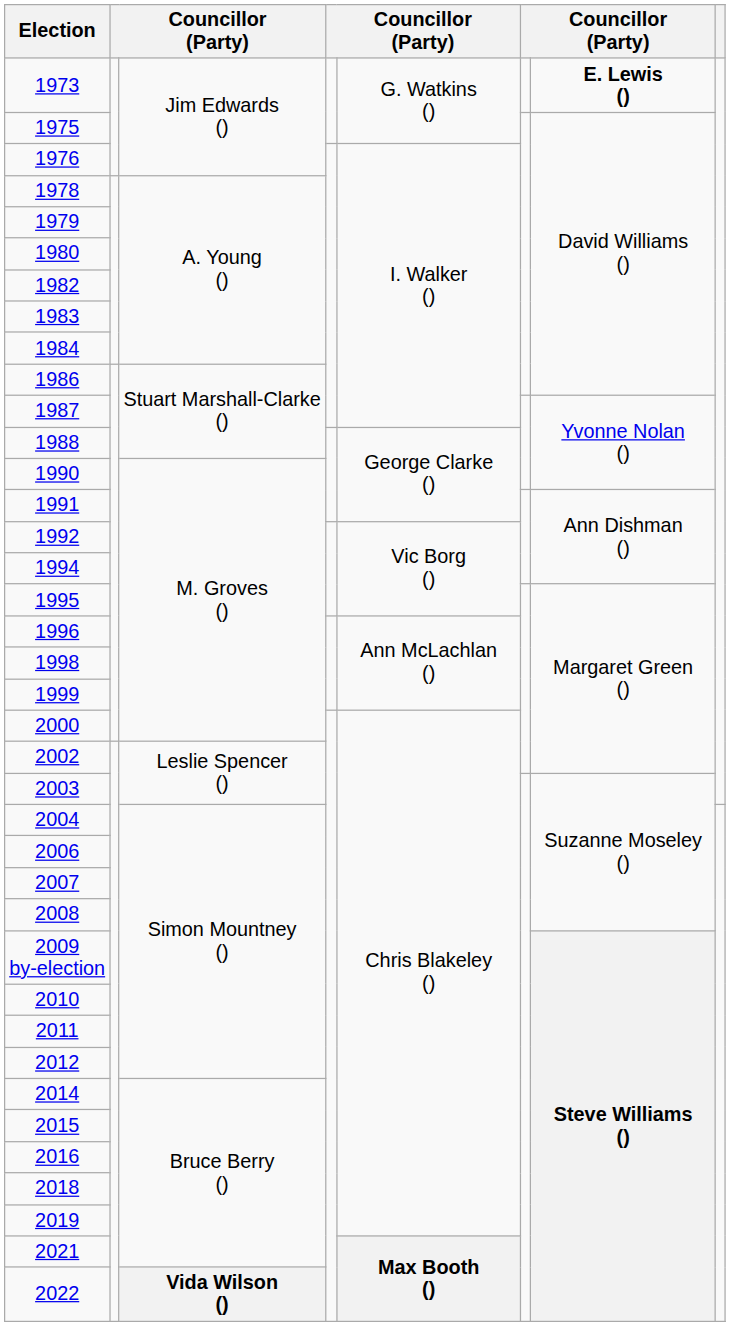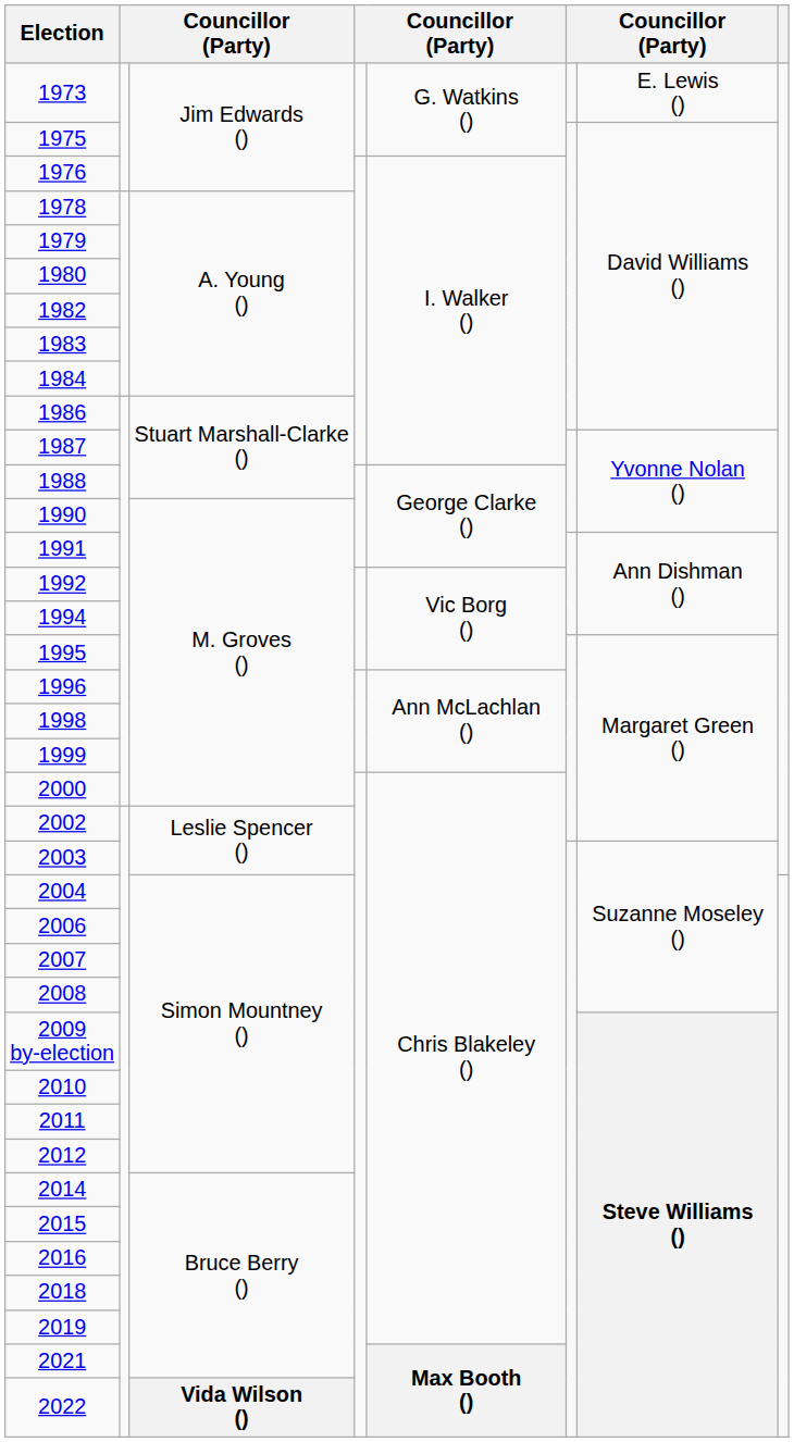 <table class="wikitable" style="text-align:center">
 <tr>
 <th>Election</th>
 <th scope="col" width="150" colspan = "2">Councillor<br> (Party)</th>
 <th scope="col" width="150" colspan = "2">Councillor<br> (Party)</th>
 <th scope="col" width="150" colspan = "2">Councillor<br> (Party)</th>
 <th></th>
 </tr>
 <tr>
 <td><a href='#'>1973</a></td>
 <td rowspan=3 style="background-color: "></td>
 <td rowspan=3>Jim Edwards<br>(<a href='#'></a>)</td>
 <td rowspan=2 style="background-color: "></td>
 <td rowspan=2>G. Watkins<br>(<a href='#'></a>)</td>
 <td style="background-color: "></td>
-<td><strong>E. Lewis<br>(<a href='#'></a>)</strong></td>
+<td>E. Lewis<br>(<a href='#'></a>)</td>
 <td rowspan=23></td>
 </tr>
 <tr>
 <td><a href='#'>1975</a></td>
 <td rowspan=9 style="background-color: "></td>
 <td rowspan=9>David Williams<br>(<a href='#'></a>)</td>
 </tr>
 <tr>
 <td><a href='#'>1976</a></td>
 <td rowspan=9 style="background-color: "></td>
 <td rowspan=9>I. Walker<br>(<a href='#'></a>)</td>
 </tr>
 <tr>
 <td><a href='#'>1978</a></td>
 <td rowspan=6 style="background-color: "></td>
 <td rowspan=6>A. Young<br>(<a href='#'></a>)</td>
 </tr>
 <tr>
 <td><a href='#'>1979</a></td>
 </tr>
 <tr>
 <td><a href='#'>1980</a></td>
 </tr>
 <tr>
 <td><a href='#'>1982</a></td>
 </tr>
 <tr>
 <td><a href='#'>1983</a></td>
 </tr>
 <tr>
 <td><a href='#'>1984</a></td>
 </tr>
 <tr>
 <td><a href='#'>1986</a></td>
 <td rowspan=12 style="background-color: "></td>
 <td rowspan=3>Stuart Marshall-Clarke<br>(<a href='#'></a>)</td>
 </tr>
 <tr>
 <td><a href='#'>1987</a></td>
 <td rowspan=3 style="background-color: "></td>
 <td rowspan=3><a href='#'>Yvonne Nolan</a><br>(<a href='#'></a>)</td>
 </tr>
 <tr>
 <td><a href='#'>1988</a></td>
 <td rowspan=3 style="background-color: "></td>
 <td rowspan=3>George Clarke<br>(<a href='#'></a>)</td>
 </tr>
 <tr>
 <td><a href='#'>1990</a></td>
 <td rowspan=9>M. Groves<br>(<a href='#'></a>)</td>
 </tr>
 <tr>
 <td><a href='#'>1991</a></td>
 <td rowspan=3 style="background-color: "></td>
 <td rowspan=3>Ann Dishman<br>(<a href='#'></a>)</td>
 </tr>
 <tr>
 <td><a href='#'>1992</a></td>
 <td rowspan=3 style="background-color: "></td>
 <td rowspan=3>Vic Borg<br>(<a href='#'></a>)</td>
 </tr>
 <tr>
 <td><a href='#'>1994</a></td>
 </tr>
 <tr>
 <td><a href='#'>1995</a></td>
 <td rowspan=6 style="background-color: "></td>
 <td rowspan=6>Margaret Green<br>(<a href='#'></a>)</td>
 </tr>
 <tr>
 <td><a href='#'>1996</a></td>
 <td rowspan=3 style="background-color: "></td>
 <td rowspan=3>Ann McLachlan<br>(<a href='#'></a>)</td>
 </tr>
 <tr>
 <td><a href='#'>1998</a></td>
 </tr>
 <tr>
 <td><a href='#'>1999</a></td>
 </tr>
 <tr>
 <td><a href='#'>2000</a></td>
 <td rowspan=18 style="background-color: "></td>
 <td rowspan=16>Chris Blakeley<br>(<a href='#'></a>)</td>
 </tr>
 <tr>
 <td><a href='#'>2002</a></td>
 <td rowspan=17 style="background-color: "></td>
 <td rowspan=2>Leslie Spencer<br>(<a href='#'></a>)</td>
 </tr>
 <tr>
 <td><a href='#'>2003</a></td>
 <td rowspan=16 style="background-color: "></td>
 <td rowspan=5>Suzanne Moseley<br>(<a href='#'></a>)</td>
 </tr>
 <tr>
 <td><a href='#'>2004</a></td>
 <td rowspan=8>Simon Mountney<br>(<a href='#'></a>)</td>
 <td rowspan=15></td>
 </tr>
 <tr>
 <td><a href='#'>2006</a></td>
 </tr>
 <tr>
 <td><a href='#'>2007</a></td>
 </tr>
 <tr>
 <td><a href='#'>2008</a></td>
 </tr>
 <tr>
 <td><a href='#'>2009<br>by-election</a></td>
 <th rowspan=11>Steve Williams<br>(<a href='#'></a>)</th>
 </tr>
 <tr>
 <td><a href='#'>2010</a></td>
 </tr>
 <tr>
 <td><a href='#'>2011</a></td>
 </tr>
 <tr>
 <td><a href='#'>2012</a></td>
 </tr>
 <tr>
 <td><a href='#'>2014</a></td>
 <td rowspan=6>Bruce Berry<br>(<a href='#'></a>)</td>
 </tr>
 <tr>
 <td><a href='#'>2015</a></td>
 </tr>
 <tr>
 <td><a href='#'>2016</a></td>
 </tr>
 <tr>
 <td><a href='#'>2018</a></td>
 </tr>
 <tr>
 <td><a href='#'>2019</a></td>
 </tr>
 <tr>
 <td><a href='#'>2021</a></td>
 <th rowspan=2>Max Booth<br>(<a href='#'></a>)</th>
 </tr>
 <tr>
 <td><a href='#'>2022</a></td>
 <th>Vida Wilson<br>(<a href='#'></a>)</th>
 </tr>
 <tr>
 </tr>
 </table>
